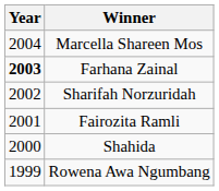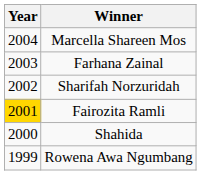 <table class="wikitable" style="text-align:center">
 <tr>
 <th>Year</th>
 <th>Winner</th>
 </tr>
 <tr>
 <td>2004</td>
 <td>Marcella Shareen Mos</td>
 </tr>
 <tr>
-<td><strong>2003</strong></td>
+<td>2003</td>
 <td>Farhana Zainal</td>
 </tr>
 <tr>
 <td>2002</td>
 <td>Sharifah Norzuridah</td>
 </tr>
 <tr>
-<td>2001</td>
+<td style="background: gold;">2001</td>
 <td>Fairozita Ramli</td>
 </tr>
 <tr>
 <td>2000</td>
 <td>Shahida</td>
 </tr>
 <tr>
 <td>1999</td>
 <td>Rowena Awa Ngumbang</td>
 </tr>
 </table>
